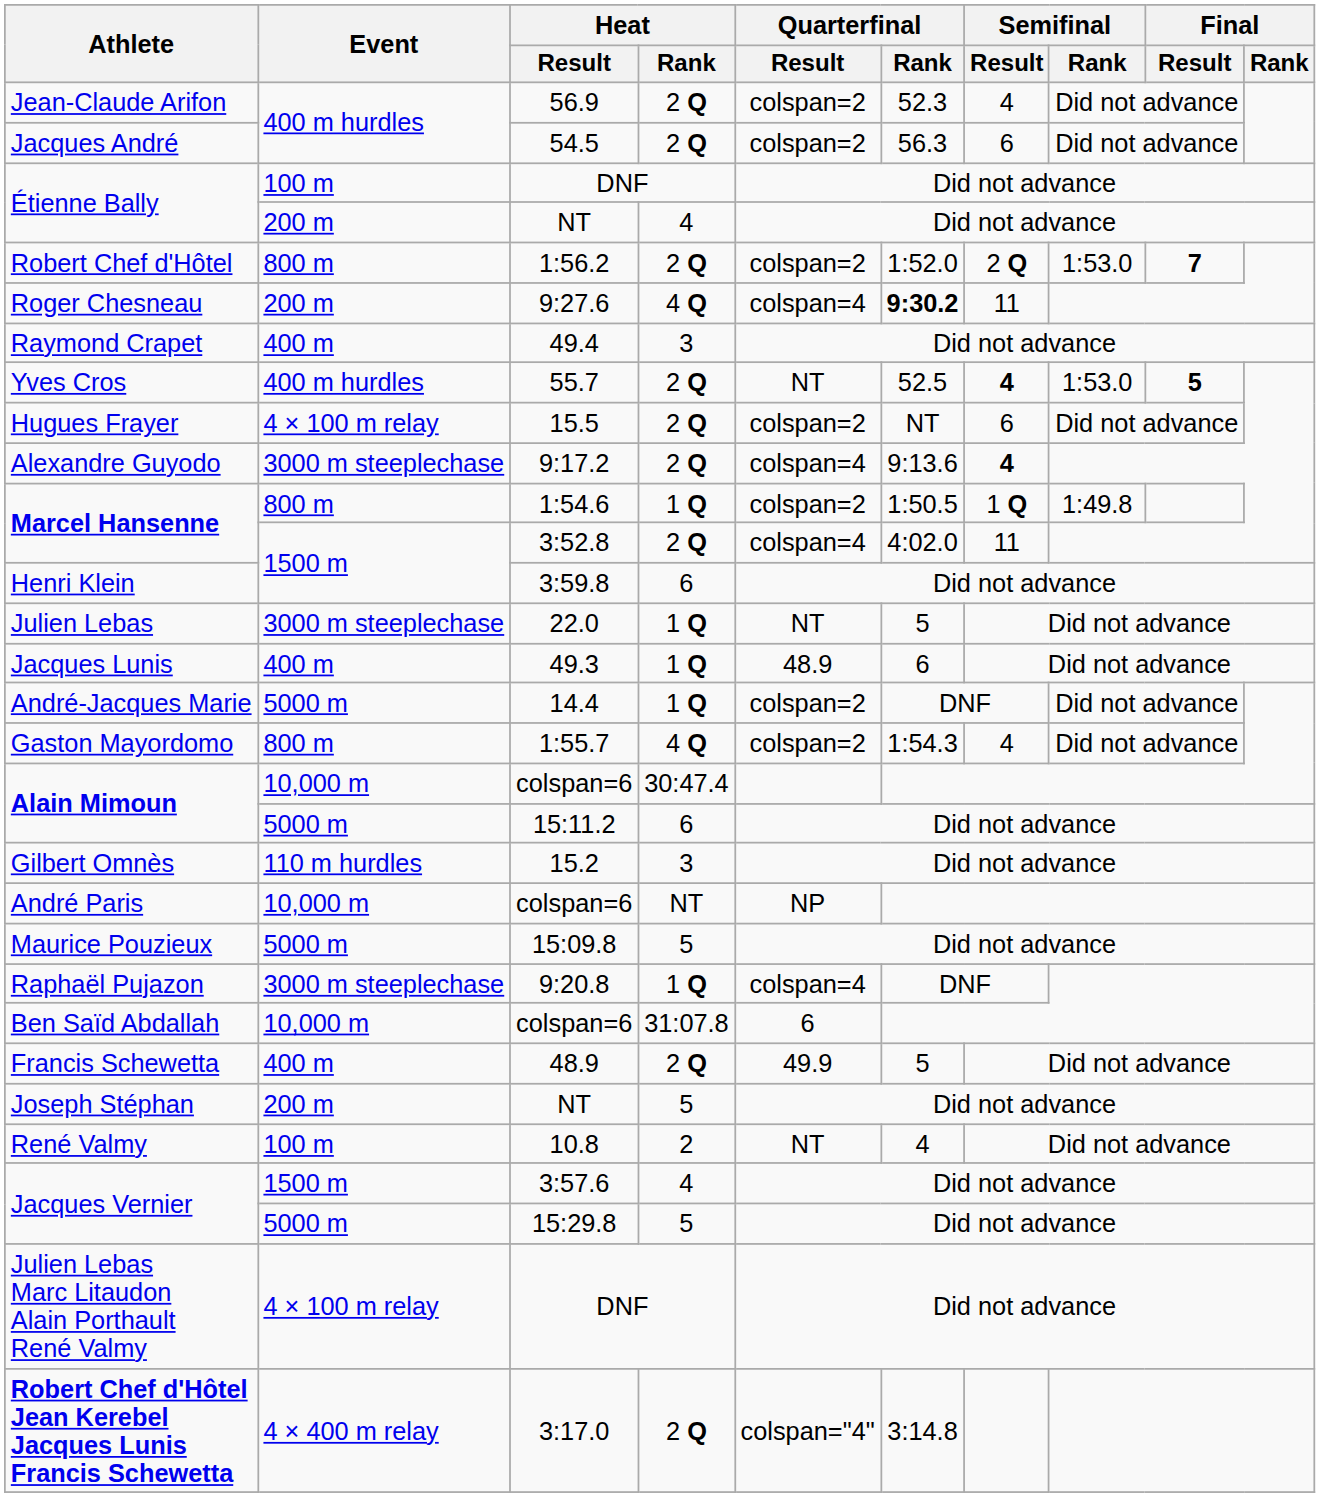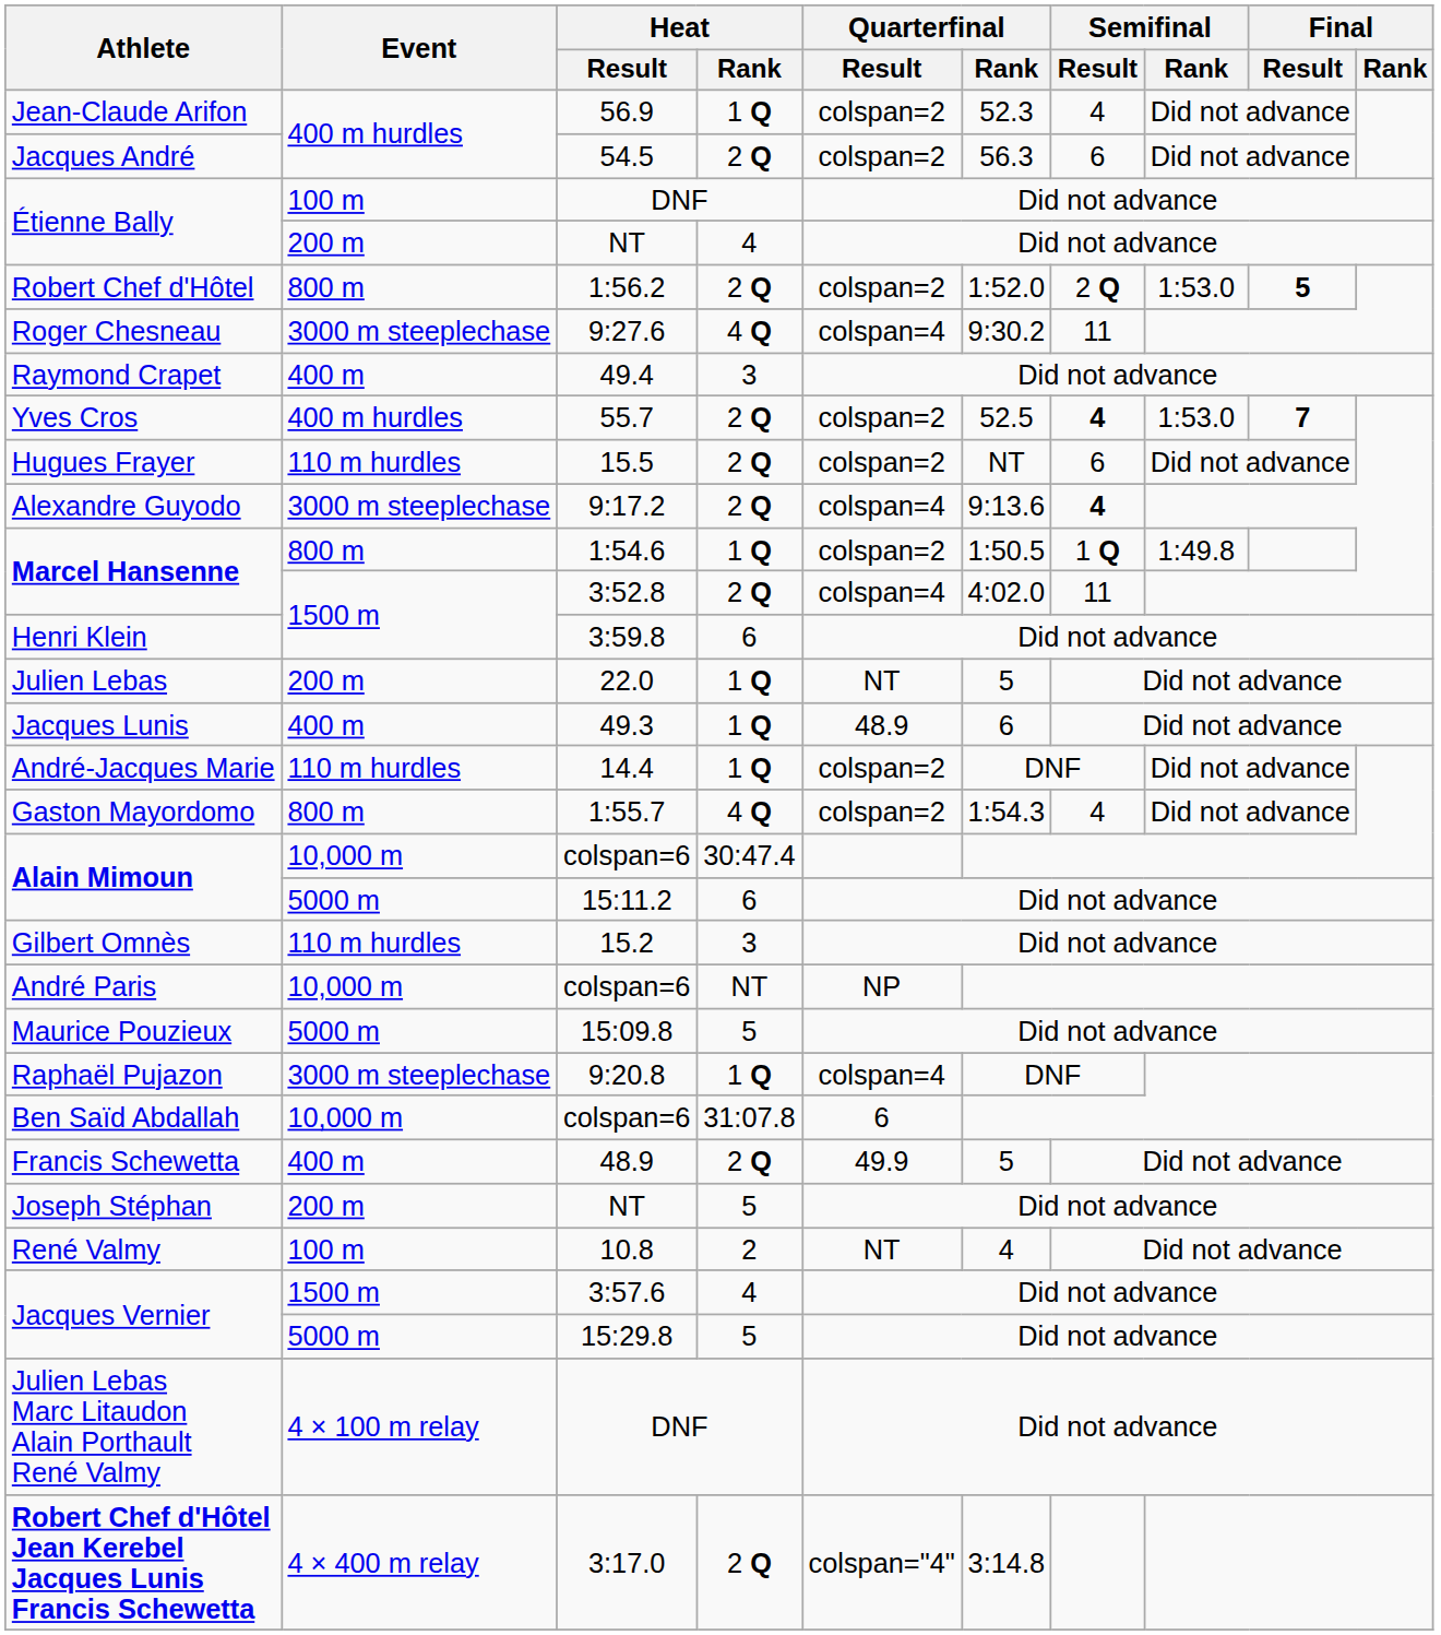 <table class="wikitable" style="font-size:90%">
 <tr>
 <th rowspan="2">Athlete</th>
 <th rowspan="2">Event</th>
 <th colspan="2">Heat</th>
 <th colspan="2">Quarterfinal</th>
 <th colspan="2">Semifinal</th>
 <th colspan="2">Final</th>
 </tr>
 <tr style="font-size:95%">
 <th>Result</th>
 <th>Rank</th>
 <th>Result</th>
 <th>Rank</th>
 <th>Result</th>
 <th>Rank</th>
 <th>Result</th>
 <th>Rank</th>
 </tr>
 <tr align=center>
 <td align=left><a href='#'>Jean-Claude Arifon</a></td>
 <td align=left rowspan=2><a href='#'>400 m hurdles</a></td>
 <td>56.9</td>
-<td>2 <strong>Q</strong></td>
+<td>1 <strong>Q</strong></td>
 <td>colspan=2 </td>
 <td>52.3</td>
 <td>4</td>
 <td colspan=2>Did not advance</td>
 </tr>
 <tr align=center>
 <td align=left><a href='#'>Jacques André</a></td>
 <td>54.5</td>
 <td>2 <strong>Q</strong></td>
 <td>colspan=2 </td>
 <td>56.3</td>
 <td>6</td>
 <td colspan=2>Did not advance</td>
 </tr>
 <tr align=center>
 <td align=left rowspan=2><a href='#'>Étienne Bally</a></td>
 <td align=left><a href='#'>100 m</a></td>
 <td colspan=2>DNF</td>
 <td colspan=6>Did not advance</td>
 </tr>
 <tr align=center>
 <td align=left><a href='#'>200 m</a></td>
 <td>NT</td>
 <td>4</td>
 <td colspan=6>Did not advance</td>
 </tr>
 <tr align=center>
 <td align=left><a href='#'>Robert Chef d'Hôtel</a></td>
 <td align=left><a href='#'>800 m</a></td>
 <td>1:56.2</td>
 <td>2 <strong>Q</strong></td>
 <td>colspan=2 </td>
 <td>1:52.0</td>
 <td>2 <strong>Q</strong></td>
 <td>1:53.0</td>
-<td><strong>7</strong></td>
+<td><strong>5</strong></td>
 </tr>
 <tr align=center>
 <td align=left><a href='#'>Roger Chesneau</a></td>
-<td align=left><a href='#'>200 m</a></td>
+<td align=left><a href='#'>3000 m steeplechase</a></td>
 <td>9:27.6</td>
 <td>4 <strong>Q</strong></td>
 <td>colspan=4 </td>
-<td><strong>9:30.2</strong></td>
+<td>9:30.2</td>
 <td>11</td>
 </tr>
 <tr align=center>
 <td align=left><a href='#'>Raymond Crapet</a></td>
 <td align=left><a href='#'>400 m</a></td>
 <td>49.4</td>
 <td>3</td>
 <td colspan=6>Did not advance</td>
 </tr>
 <tr align=center>
 <td align=left><a href='#'>Yves Cros</a></td>
 <td align=left><a href='#'>400 m hurdles</a></td>
 <td>55.7</td>
 <td>2 <strong>Q</strong></td>
-<td>NT</td>
+<td>colspan=2 </td>
 <td>52.5</td>
 <td><strong>4</strong></td>
 <td>1:53.0</td>
-<td><strong>5</strong></td>
+<td><strong>7</strong></td>
 </tr>
 <tr align=center>
 <td align=left><a href='#'>Hugues Frayer</a></td>
-<td align=left><a href='#'>4 × 100 m relay</a></td>
+<td align=left><a href='#'>110 m hurdles</a></td>
 <td>15.5</td>
 <td>2 <strong>Q</strong></td>
 <td>colspan=2 </td>
 <td>NT</td>
 <td>6</td>
 <td colspan=2>Did not advance</td>
 </tr>
 <tr align=center>
 <td align=left><a href='#'>Alexandre Guyodo</a></td>
 <td align=left><a href='#'>3000 m steeplechase</a></td>
 <td>9:17.2</td>
 <td>2 <strong>Q</strong></td>
 <td>colspan=4 </td>
 <td>9:13.6</td>
 <td><strong>4</strong></td>
 </tr>
 <tr align=center>
 <td align=left rowspan=2><strong><a href='#'>Marcel Hansenne</a></strong></td>
 <td align=left><a href='#'>800 m</a></td>
 <td>1:54.6</td>
 <td>1 <strong>Q</strong></td>
 <td>colspan=2 </td>
 <td>1:50.5</td>
 <td>1 <strong>Q</strong></td>
 <td>1:49.8</td>
 <td></td>
 </tr>
 <tr align=center>
 <td align=left rowspan=2><a href='#'>1500 m</a></td>
 <td>3:52.8</td>
 <td>2 <strong>Q</strong></td>
 <td>colspan=4 </td>
 <td>4:02.0</td>
 <td>11</td>
 </tr>
 <tr align=center>
 <td align=left rowspan=1><a href='#'>Henri Klein</a></td>
 <td>3:59.8</td>
 <td>6</td>
 <td colspan=6>Did not advance</td>
 </tr>
 <tr align=center>
 <td align=left><a href='#'>Julien Lebas</a></td>
-<td align=left><a href='#'>3000 m steeplechase</a></td>
+<td align=left><a href='#'>200 m</a></td>
 <td>22.0</td>
 <td>1 <strong>Q</strong></td>
 <td>NT</td>
 <td>5</td>
 <td colspan=4>Did not advance</td>
 </tr>
 <tr align=center>
 <td align=left><a href='#'>Jacques Lunis</a></td>
 <td align=left><a href='#'>400 m</a></td>
 <td>49.3</td>
 <td>1 <strong>Q</strong></td>
 <td>48.9</td>
 <td>6</td>
 <td colspan=4>Did not advance</td>
 </tr>
 <tr align=center>
 <td align=left><a href='#'>André-Jacques Marie</a></td>
-<td align=left><a href='#'>5000 m</a></td>
+<td align=left><a href='#'>110 m hurdles</a></td>
 <td>14.4</td>
 <td>1 <strong>Q</strong></td>
 <td>colspan=2 </td>
 <td colspan=2>DNF</td>
 <td colspan=2>Did not advance</td>
 </tr>
 <tr align=center>
 <td align=left><a href='#'>Gaston Mayordomo</a></td>
 <td align=left><a href='#'>800 m</a></td>
 <td>1:55.7</td>
 <td>4 <strong>Q</strong></td>
 <td>colspan=2 </td>
 <td>1:54.3</td>
 <td>4</td>
 <td colspan=2>Did not advance</td>
 </tr>
 <tr align=center>
 <td align=left rowspan=2><strong><a href='#'>Alain Mimoun</a></strong></td>
 <td align=left><a href='#'>10,000 m</a></td>
 <td>colspan=6 </td>
 <td>30:47.4</td>
 <td></td>
 </tr>
 <tr align=center>
 <td align=left><a href='#'>5000 m</a></td>
 <td>15:11.2</td>
 <td>6</td>
 <td colspan=6>Did not advance</td>
 </tr>
 <tr align=center>
 <td align=left><a href='#'>Gilbert Omnès</a></td>
 <td align=left><a href='#'>110 m hurdles</a></td>
 <td>15.2</td>
 <td>3</td>
 <td colspan=6>Did not advance</td>
 </tr>
 <tr align=center>
 <td align=left><a href='#'>André Paris</a></td>
 <td align=left><a href='#'>10,000 m</a></td>
 <td>colspan=6 </td>
 <td>NT</td>
 <td>NP</td>
 </tr>
 <tr align=center>
 <td align=left><a href='#'>Maurice Pouzieux</a></td>
 <td align=left><a href='#'>5000 m</a></td>
 <td>15:09.8</td>
 <td>5</td>
 <td colspan=6>Did not advance</td>
 </tr>
 <tr align=center>
 <td align=left><a href='#'>Raphaël Pujazon</a></td>
 <td align=left><a href='#'>3000 m steeplechase</a></td>
 <td>9:20.8</td>
 <td>1 <strong>Q</strong></td>
 <td>colspan=4 </td>
 <td colspan=2>DNF</td>
 </tr>
 <tr align=center>
 <td align=left><a href='#'>Ben Saïd Abdallah</a></td>
 <td align=left><a href='#'>10,000 m</a></td>
 <td>colspan=6 </td>
 <td>31:07.8</td>
 <td>6</td>
 </tr>
 <tr align=center>
 <td align=left><a href='#'>Francis Schewetta</a></td>
 <td align=left><a href='#'>400 m</a></td>
 <td>48.9</td>
 <td>2 <strong>Q</strong></td>
 <td>49.9</td>
 <td>5</td>
 <td colspan=4>Did not advance</td>
 </tr>
 <tr align=center>
 <td align=left><a href='#'>Joseph Stéphan</a></td>
 <td align=left><a href='#'>200 m</a></td>
 <td>NT</td>
 <td>5</td>
 <td colspan=6>Did not advance</td>
 </tr>
 <tr align=center>
 <td align=left><a href='#'>René Valmy</a></td>
 <td align=left><a href='#'>100 m</a></td>
 <td>10.8</td>
 <td>2</td>
 <td>NT</td>
 <td>4</td>
 <td colspan=4>Did not advance</td>
 </tr>
 <tr align=center>
 <td align=left rowspan=2><a href='#'>Jacques Vernier</a></td>
 <td align=left><a href='#'>1500 m</a></td>
 <td>3:57.6</td>
 <td>4</td>
 <td colspan=6>Did not advance</td>
 </tr>
 <tr align=center>
 <td align=left><a href='#'>5000 m</a></td>
 <td>15:29.8</td>
 <td>5</td>
 <td colspan=6>Did not advance</td>
 </tr>
 <tr align=center>
 <td align=left><a href='#'>Julien Lebas</a><br><a href='#'>Marc Litaudon</a><br><a href='#'>Alain Porthault</a><br><a href='#'>René Valmy</a></td>
 <td align=left><a href='#'>4 × 100 m relay</a></td>
 <td colspan=2>DNF</td>
 <td colspan=6>Did not advance</td>
 </tr>
 <tr align=center>
 <td align=left><strong><a href='#'>Robert Chef d'Hôtel</a><br><a href='#'>Jean Kerebel</a><br><a href='#'>Jacques Lunis</a><br><a href='#'>Francis Schewetta</a></strong></td>
 <td align=left><a href='#'>4 × 400 m relay</a></td>
 <td>3:17.0</td>
 <td>2 <strong>Q</strong></td>
 <td>colspan="4" </td>
 <td>3:14.8</td>
 <td></td>
 </tr>
 </table>
